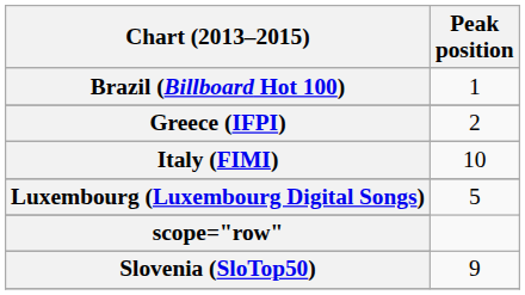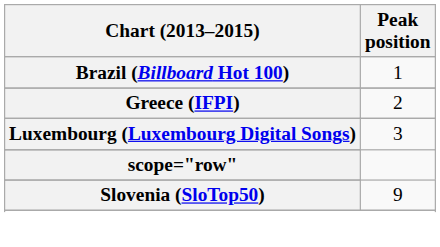 <table class="wikitable plainrowheaders sortable" style="text-align:center;">
 <tr>
 <th scope="col">Chart (2013–2015)</th>
 <th scope="col">Peak<br>position</th>
 </tr>
 <tr>
 </tr>
 <tr>
 </tr>
 <tr>
 </tr>
 <tr>
 </tr>
 <tr>
 <th scope="row">Brazil (<a href='#'><em>Billboard</em> Hot 100</a>)</th>
 <td align="center">1</td>
 </tr>
 <tr>
 </tr>
 <tr>
 </tr>
 <tr>
 </tr>
 <tr>
 </tr>
 <tr>
 </tr>
 <tr>
 </tr>
 <tr>
 </tr>
 <tr>
 </tr>
 <tr>
 <th scope="row">Greece (<a href='#'>IFPI</a>)</th>
 <td align="center">2</td>
 </tr>
 <tr>
 </tr>
 <tr>
 </tr>
 <tr>
 </tr>
 <tr>
 </tr>
 <tr>
-<th scope="row">Italy (<a href='#'>FIMI</a>)</th>
-<td style="text-align:center;">10</td>
-</tr>
-<tr>
 </tr>
 <tr>
 <th scope="row">Luxembourg (<a href='#'>Luxembourg Digital Songs</a>)</th>
-<td style="text-align:center;">5</td>
+<td style="text-align:center;">3</td>
 </tr>
 <tr>
 </tr>
 <tr>
 </tr>
 <tr>
 </tr>
 <tr>
 </tr>
 <tr>
 </tr>
 <tr>
 </tr>
 <tr>
 <th>scope="row"</th>
 </tr>
 <tr>
 </tr>
 <tr>
 </tr>
 <tr>
 </tr>
 <tr>
 </tr>
 <tr>
 <th scope="row">Slovenia (<a href='#'>SloTop50</a>)</th>
 <td align=center>9</td>
 </tr>
 <tr>
 </tr>
 <tr>
 </tr>
 <tr>
 </tr>
 <tr>
 </tr>
 <tr>
 </tr>
 <tr>
 </tr>
 <tr>
 </tr>
 <tr>
 </tr>
 <tr>
 </tr>
 <tr>
 </tr>
 <tr>
 </tr>
 <tr>
 </tr>
 <tr>
 </tr>
 <tr>
 </tr>
 </table>
